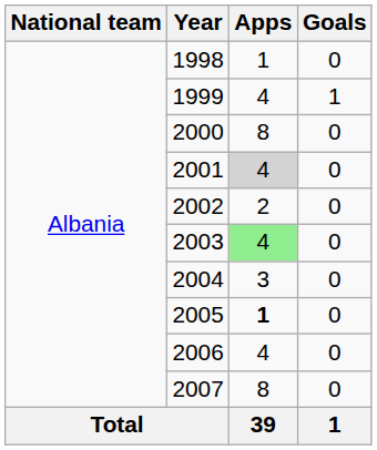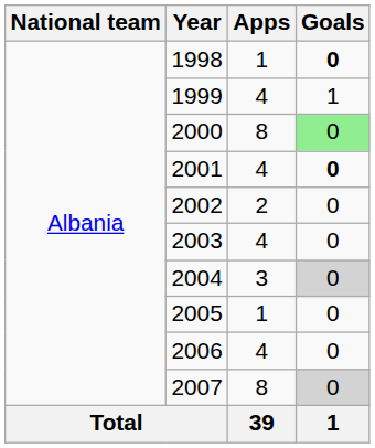 <table class="wikitable" style="text-align:center">
 <tr>
 <th>National team</th>
 <th>Year</th>
 <th>Apps</th>
 <th>Goals</th>
 </tr>
 <tr>
 <td rowspan="10"><a href='#'>Albania</a></td>
 <td>1998</td>
 <td>1</td>
-<td>0</td>
+<td><strong>0</strong></td>
 </tr>
 <tr>
 <td>1999</td>
 <td>4</td>
 <td>1</td>
 </tr>
 <tr>
 <td>2000</td>
 <td>8</td>
-<td>0</td>
+<td style="background: lightgreen;">0</td>
 </tr>
 <tr>
 <td>2001</td>
-<td style="background: lightgrey;">4</td>
-<td>0</td>
+<td>4</td>
+<td><strong>0</strong></td>
 </tr>
 <tr>
 <td>2002</td>
 <td>2</td>
 <td>0</td>
 </tr>
 <tr>
 <td>2003</td>
-<td style="background: lightgreen;">4</td>
+<td>4</td>
 <td>0</td>
 </tr>
 <tr>
 <td>2004</td>
 <td>3</td>
-<td>0</td>
+<td style="background: lightgrey;">0</td>
 </tr>
 <tr>
 <td>2005</td>
-<td><strong>1</strong></td>
+<td>1</td>
 <td>0</td>
 </tr>
 <tr>
 <td>2006</td>
 <td>4</td>
 <td>0</td>
 </tr>
 <tr>
 <td>2007</td>
 <td>8</td>
-<td>0</td>
+<td style="background: lightgrey;">0</td>
 </tr>
 <tr>
 <th colspan="2">Total</th>
 <th>39</th>
 <th>1</th>
 </tr>
 </table>
